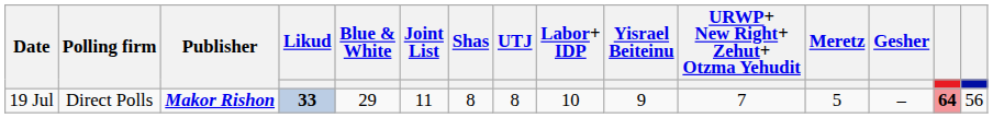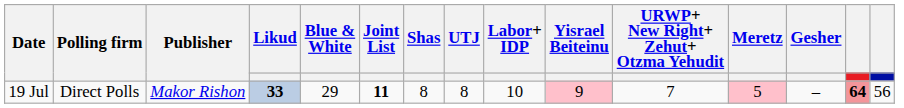 <table class="wikitable sortable" style="text-align:center;font-size:90%;line-height:13px">
 <tr>
 <th rowspan="2">Date</th>
 <th rowspan="2">Polling firm</th>
 <th rowspan="2">Publisher</th>
 <th><a href='#'>Likud</a></th>
 <th><a href='#'>Blue &<br>White</a></th>
 <th><a href='#'>Joint<br>List</a></th>
 <th><a href='#'>Shas</a></th>
 <th><a href='#'>UTJ</a></th>
 <th><a href='#'>Labor</a>+<br><a href='#'>IDP</a></th>
 <th><a href='#'>Yisrael<br>Beiteinu</a></th>
 <th><a href='#'>URWP</a>+<br><a href='#'>New Right</a>+<br><a href='#'>Zehut</a>+<br><a href='#'>Otzma Yehudit</a></th>
 <th><a href='#'>Meretz</a></th>
 <th><a href='#'>Gesher</a></th>
 <th></th>
 <th></th>
 </tr>
 <tr>
 <th style="background:"></th>
 <th style="background:"></th>
 <th style="background:"></th>
 <th style="background:"></th>
 <th style="background:"></th>
 <th style="background:"></th>
 <th style="background:"></th>
 <th style="background:"></th>
 <th style="background:"></th>
 <th style="background:"></th>
 <th style="background:#E81B23;"></th>
 <th style="background:#000EA3;"></th>
 </tr>
 <tr>
 <td data-sort-value="2019-07-19">19 Jul</td>
 <td>Direct Polls</td>
-<td><strong><em><a href='#'>Makor Rishon</a></em></strong></td>
+<td><em><a href='#'>Makor Rishon</a></em></td>
 <td style="background:#BBCDE4"><strong>33</strong>	</td>
 <td>29					</td>
-<td>11					</td>
+<td><strong>11					</strong></td>
 <td>8					</td>
 <td>8					</td>
 <td>10					</td>
-<td>9					</td>
+<td style="background: pink;">9					</td>
 <td>7					</td>
-<td>5					</td>
+<td style="background: pink;">5					</td>
 <td>–					</td>
 <td style="background:#F4959A"><strong>64</strong>	</td>
 <td>56					</td>
 </tr>
 </table>
